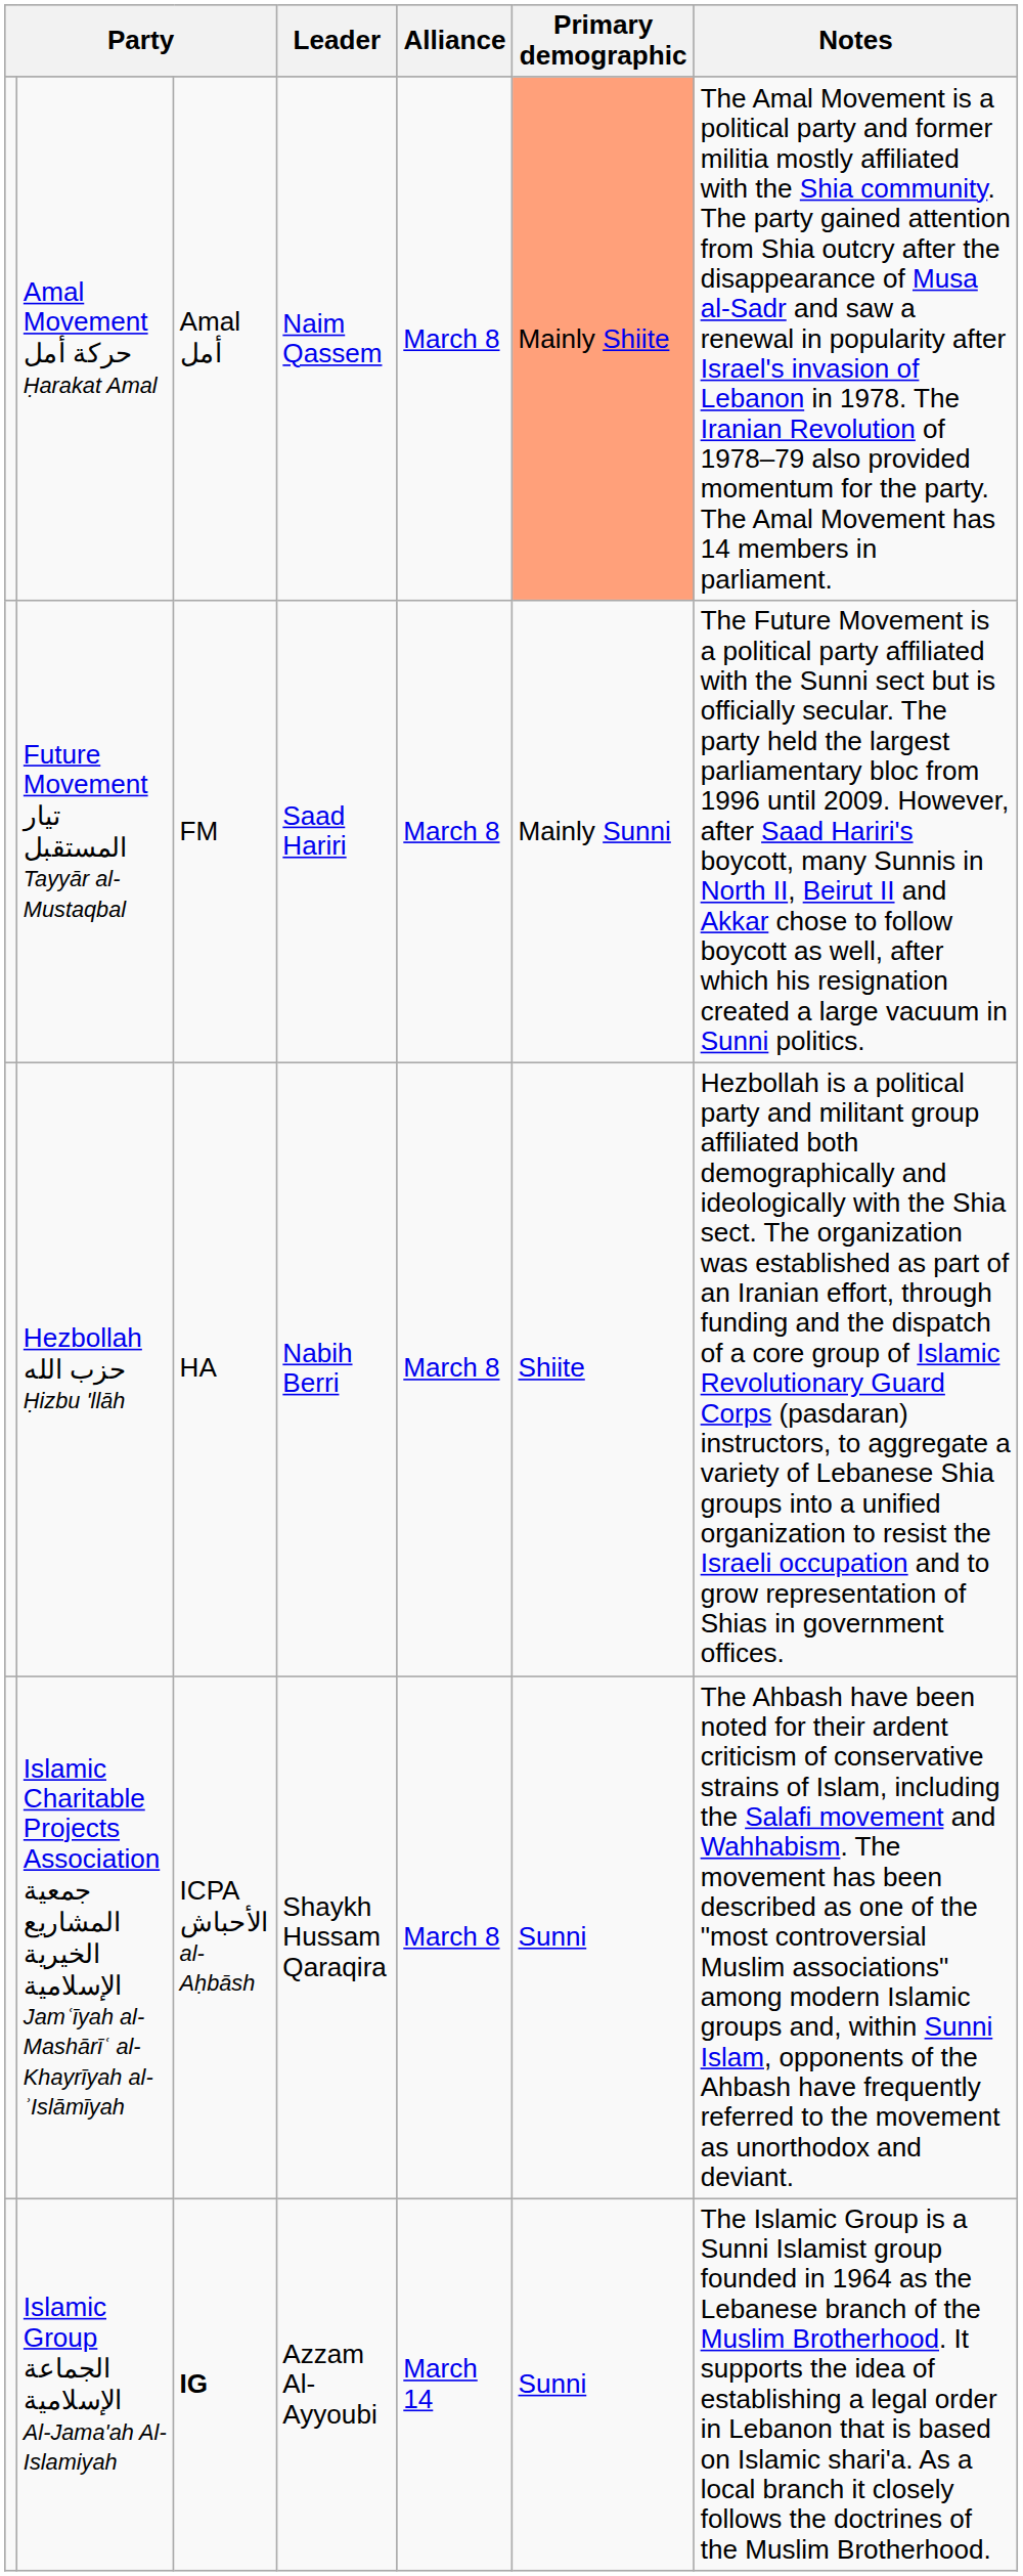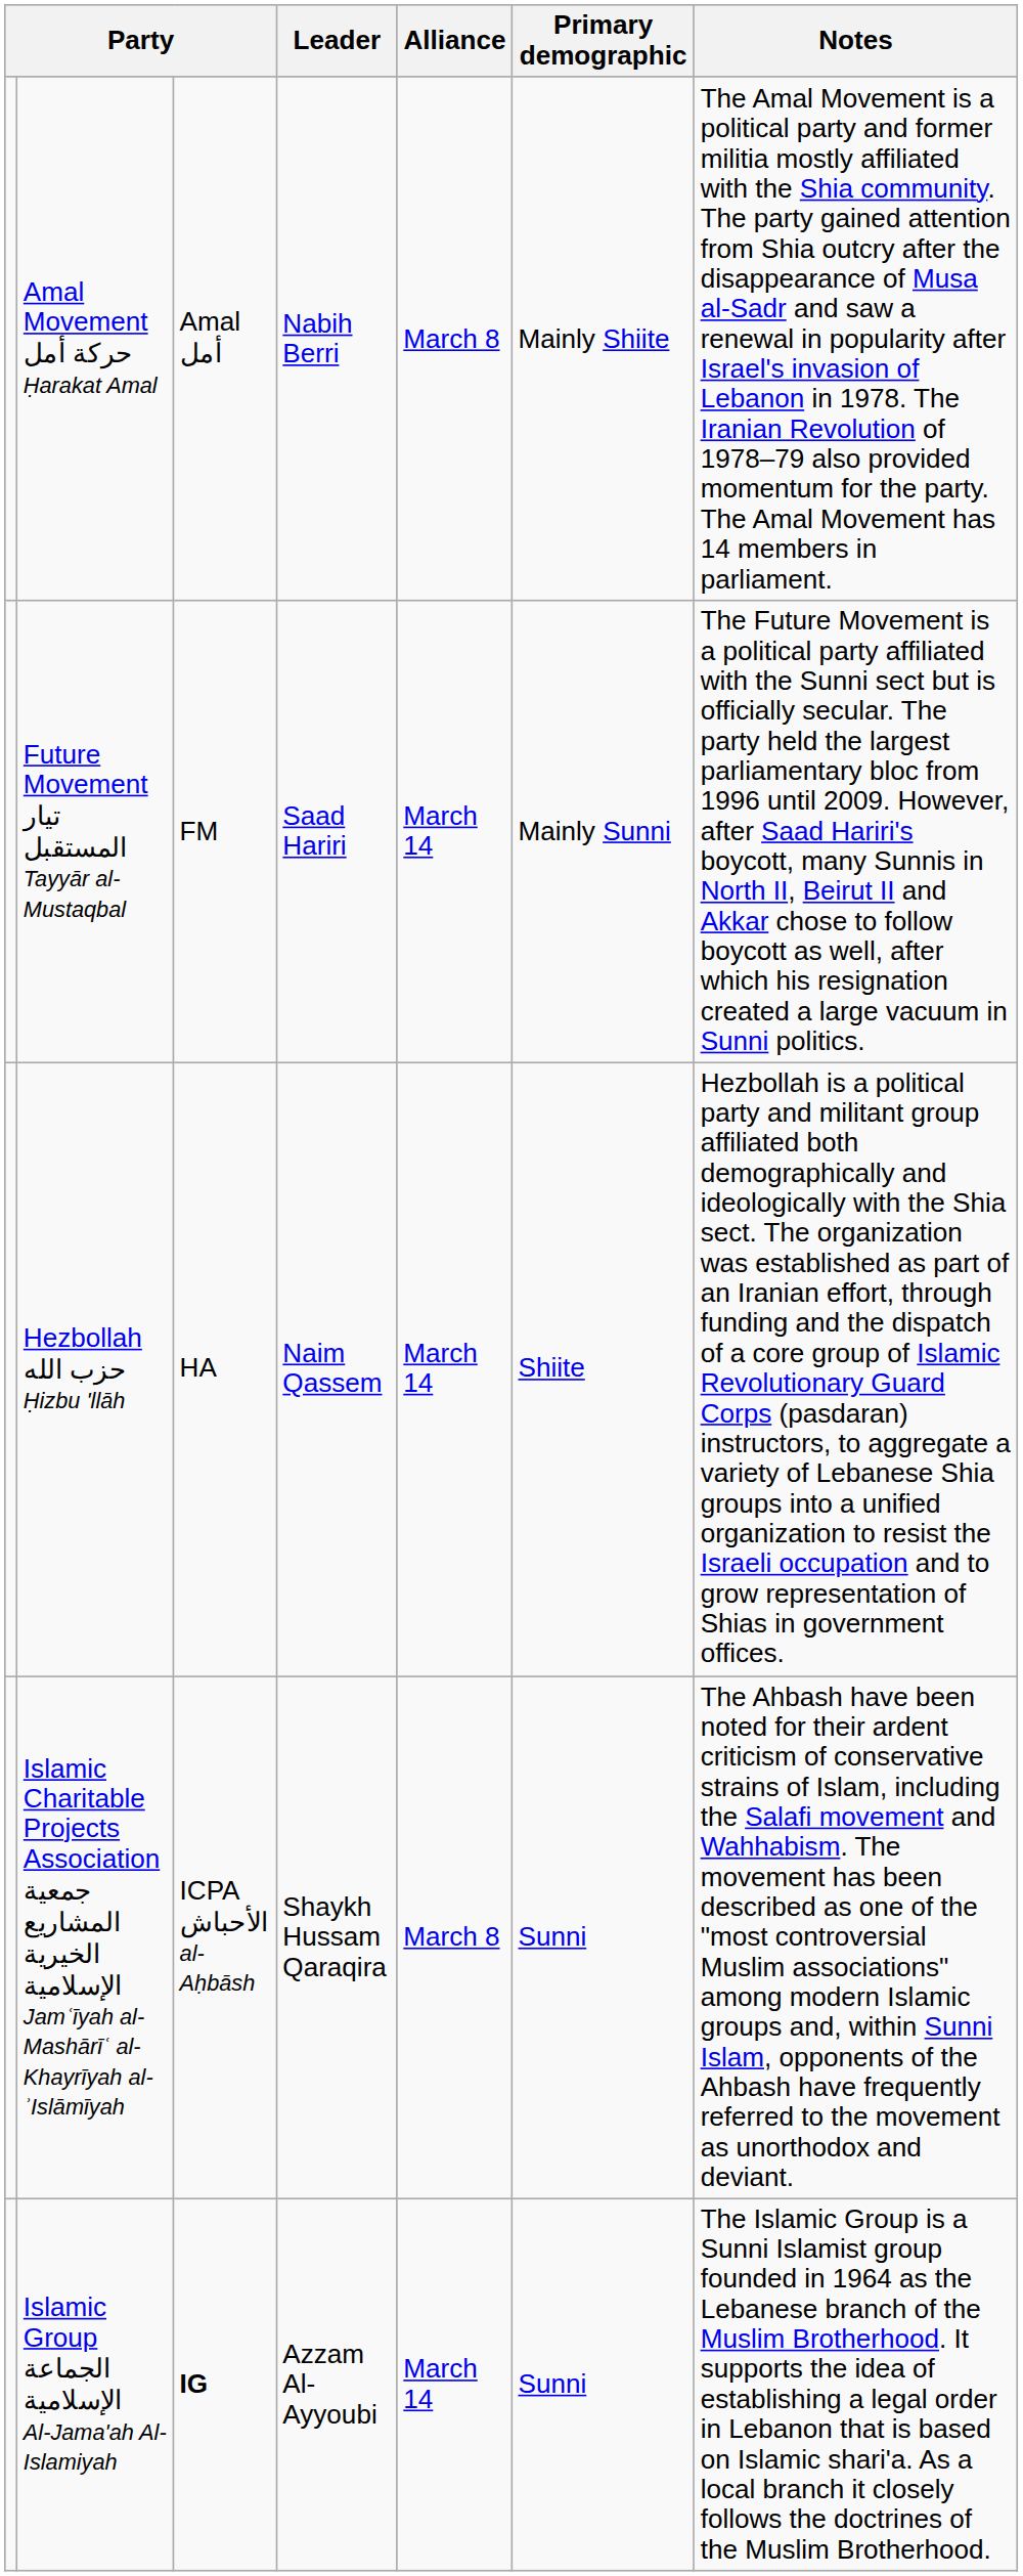 <table class="wikitable sortable">
 <tr>
 <th colspan="3">Party</th>
 <th>Leader</th>
 <th>Alliance</th>
 <th>Primary demographic</th>
 <th>Notes</th>
 </tr>
 <tr>
 <td></td>
 <td><a href='#'>Amal Movement</a><br><span>حركة أمل</span><br><small><em>Ḥarakat Amal</em></small></td>
 <td>Amal<br><span>أمل</span></td>
-<td><a href='#'>Naim Qassem</a></td>
+<td><a href='#'>Nabih Berri</a></td>
 <td><a href='#'>March 8</a></td>
-<td style="background: lightsalmon;">Mainly <a href='#'>Shiite</a></td>
+<td>Mainly <a href='#'>Shiite</a></td>
 <td>The Amal Movement is a political party and former militia mostly affiliated with the <a href='#'>Shia community</a>. The party gained attention from Shia outcry after the disappearance of <a href='#'>Musa al-Sadr</a> and saw a renewal in popularity after <a href='#'>Israel's invasion of Lebanon</a> in 1978. The <a href='#'>Iranian Revolution</a> of 1978–79 also provided momentum for the party. The Amal Movement has 14 members in parliament.</td>
 </tr>
 <tr>
 <td></td>
 <td><a href='#'>Future Movement</a><br><span>تيار المستقبل</span><br><small><em>Tayyār al-Mustaqbal</em></small></td>
 <td>FM</td>
 <td><a href='#'>Saad Hariri</a></td>
-<td><a href='#'>March 8</a></td>
+<td><a href='#'>March 14</a></td>
 <td>Mainly <a href='#'>Sunni</a></td>
 <td>The Future Movement is a political party affiliated with the Sunni sect but is officially secular. The party held the largest parliamentary bloc from 1996 until 2009. However, after <a href='#'>Saad Hariri's</a> boycott, many Sunnis in <a href='#'>North II</a>, <a href='#'>Beirut II</a> and <a href='#'>Akkar</a> chose to follow boycott as well, after which his resignation created a large vacuum in <a href='#'>Sunni</a> politics.</td>
 </tr>
 <tr>
 <td></td>
 <td><a href='#'>Hezbollah</a><br><span>حزب الله</span><br><small><em>Ḥizbu 'llāh</em></small></td>
 <td>HA</td>
-<td><a href='#'>Nabih Berri</a></td>
-<td><a href='#'>March 8</a></td>
+<td><a href='#'>Naim Qassem</a></td>
+<td><a href='#'>March 14</a></td>
 <td><a href='#'>Shiite</a></td>
 <td>Hezbollah is a political party and militant group affiliated both demographically and ideologically with the Shia sect. The organization was established as part of an Iranian effort, through funding and the dispatch of a core group of <a href='#'>Islamic Revolutionary Guard Corps</a> (pasdaran) instructors, to aggregate a variety of Lebanese Shia groups into a unified organization to resist the <a href='#'>Israeli occupation</a> and to grow representation of Shias in government offices.</td>
 </tr>
 <tr>
 <td></td>
 <td><a href='#'>Islamic Charitable Projects Association</a><br><span>جمعية المشاريع الخيرية الإسلامية</span><br><small><em>Jamʿīyah al-Mashārīʿ al-Khayrīyah al-ʾIslāmīyah</em></small></td>
 <td>ICPA<br><span>الأحباش</span> <small><em>al-Aḥbāsh</em></small></td>
 <td>Shaykh Hussam Qaraqira</td>
 <td><a href='#'>March 8</a></td>
 <td><a href='#'>Sunni</a></td>
 <td>The Ahbash have been noted for their ardent criticism of conservative strains of Islam, including the <a href='#'>Salafi movement</a> and <a href='#'>Wahhabism</a>. The movement has been described as one of the "most controversial Muslim associations" among modern Islamic groups and, within <a href='#'>Sunni Islam</a>, opponents of the Ahbash have frequently referred to the movement as unorthodox and deviant.</td>
 </tr>
 <tr>
 <td></td>
 <td><a href='#'>Islamic Group</a><br><span>الجماعة الإسلامية</span><br><small><em>Al-Jama'ah Al-Islamiyah</em></small></td>
 <td><strong>IG</strong></td>
 <td>Azzam Al-Ayyoubi</td>
 <td><a href='#'>March 14</a></td>
 <td><a href='#'>Sunni</a></td>
 <td>The Islamic Group is a Sunni Islamist group founded in 1964 as the Lebanese branch of the <a href='#'>Muslim Brotherhood</a>. It supports the idea of establishing a legal order in Lebanon that is based on Islamic shari'a. As a local branch it closely follows the doctrines of the Muslim Brotherhood.</td>
 </tr>
 </table>
